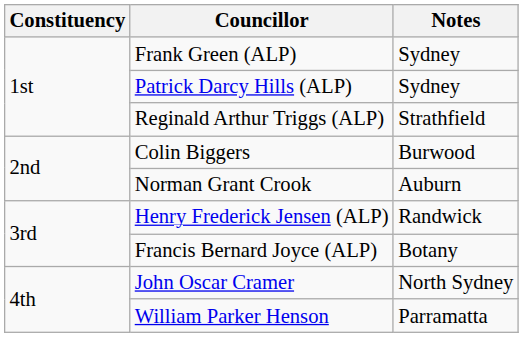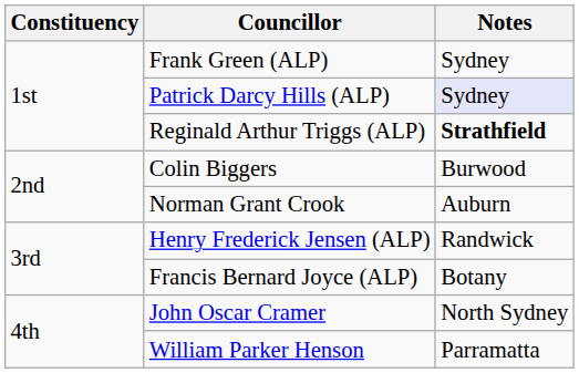 <table class="wikitable">
 <tr>
 <th>Constituency</th>
 <th>Councillor</th>
 <th>Notes</th>
 </tr>
 <tr>
 <td rowspan="3">1st</td>
 <td>Frank Green (ALP)</td>
 <td>Sydney</td>
 </tr>
 <tr>
 <td><a href='#'>Patrick Darcy Hills</a> (ALP)</td>
-<td>Sydney</td>
+<td style="background: lavender;">Sydney</td>
 </tr>
 <tr>
 <td>Reginald Arthur Triggs (ALP)</td>
-<td>Strathfield</td>
+<td><strong>Strathfield</strong></td>
 </tr>
 <tr>
 <td rowspan="2">2nd</td>
 <td>Colin Biggers</td>
 <td>Burwood</td>
 </tr>
 <tr>
 <td>Norman Grant Crook</td>
 <td>Auburn</td>
 </tr>
 <tr>
 <td rowspan="2">3rd</td>
 <td><a href='#'>Henry Frederick Jensen</a> (ALP)</td>
 <td>Randwick</td>
 </tr>
 <tr>
 <td>Francis Bernard Joyce (ALP)</td>
 <td>Botany</td>
 </tr>
 <tr>
 <td rowspan="2">4th</td>
 <td><a href='#'>John Oscar Cramer</a></td>
 <td>North Sydney</td>
 </tr>
 <tr>
 <td><a href='#'>William Parker Henson</a></td>
 <td>Parramatta</td>
 </tr>
 </table>
